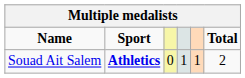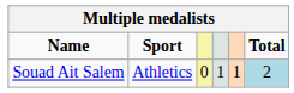 <table class="wikitable" style="font-size:85%; float:right;">
 <tr style="background:#efefef;">
 <th colspan=7><strong>Multiple medalists</strong></th>
 </tr>
 <tr align=center>
 <td><strong>Name</strong></td>
 <td><strong>Sport</strong></td>
 <td style="background:#f7f6a8;"></td>
 <td style="background:#dce5e5;"></td>
 <td style="background:#ffdab9;"></td>
 <td><strong>Total</strong></td>
 </tr>
 <tr align=center>
 <td><a href='#'>Souad Ait Salem</a></td>
-<td><strong><a href='#'>Athletics</a></strong></td>
+<td><a href='#'>Athletics</a></td>
 <td style="background:#f7f6a8;">0</td>
 <td style="background:#dce5e5;">1</td>
 <td style="background:#ffdab9;">1</td>
-<td>2</td>
+<td style="background: lightblue;">2</td>
 </tr>
 </table>
